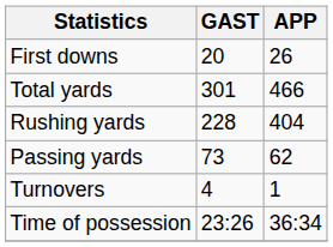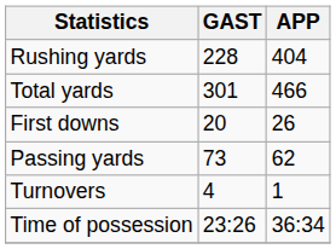 <table class="wikitable" style="float: left;">
 <tr>
 <th>Statistics</th>
 <th>GAST</th>
 <th>APP</th>
 </tr>
 <tr>
-<td>First downs</td>
-<td>20</td>
-<td>26</td>
+<td>Rushing yards</td>
+<td>228</td>
+<td>404</td>
 </tr>
 <tr>
 <td>Total yards</td>
 <td>301</td>
 <td>466</td>
 </tr>
 <tr>
-<td>Rushing yards</td>
-<td>228</td>
-<td>404</td>
+<td>First downs</td>
+<td>20</td>
+<td>26</td>
 </tr>
 <tr>
 <td>Passing yards</td>
 <td>73</td>
 <td>62</td>
 </tr>
 <tr>
 <td>Turnovers</td>
 <td>4</td>
 <td>1</td>
 </tr>
 <tr>
 <td>Time of possession</td>
 <td>23:26</td>
 <td>36:34</td>
 </tr>
 <tr>
 </tr>
 </table>
